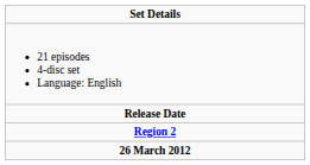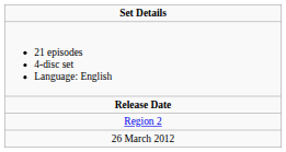 <table class="wikitable" style="font-size: 95%;">
 <tr valign="top">
 <td align="center" width="400" colspan="3"><strong>Set Details</strong></td>
 </tr>
 <tr valign="top">
 <td colspan="3" align="left" width="400"><br><ul><li>21 episodes</li><li>4-disc set</li><li>Language: English</li></ul></td>
 </tr>
 <tr>
 <td colspan="3" align="center"><strong>Release Date</strong></td>
 </tr>
 <tr>
-<td align="center"><strong><a href='#'>Region 2</a></strong></td>
+<td align="center"><a href='#'>Region 2</a></td>
 </tr>
 <tr>
-<td align="center"><strong>26 March 2012</strong></td>
+<td align="center">26 March 2012</td>
 </tr>
 </table>
